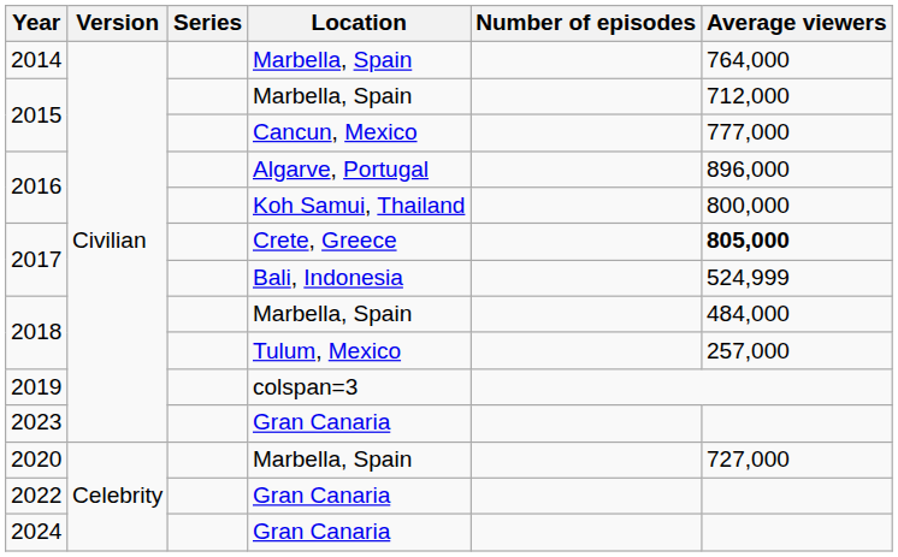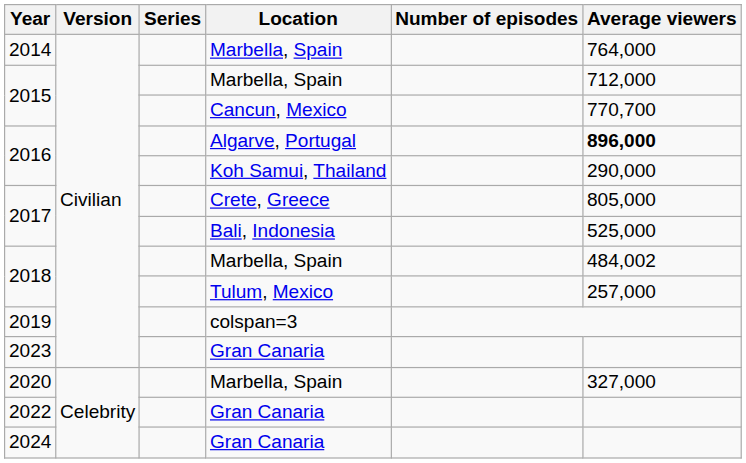 <table class="wikitable">
 <tr>
 <th>Year</th>
 <th>Version</th>
 <th>Series</th>
 <th>Location</th>
 <th>Number of episodes</th>
 <th>Average viewers</th>
 </tr>
 <tr>
 <td>2014</td>
 <td rowspan="11">Civilian</td>
 <td></td>
 <td><a href='#'>Marbella</a>, <a href='#'>Spain</a></td>
 <td></td>
 <td>764,000</td>
 </tr>
 <tr>
 <td rowspan="2">2015</td>
 <td></td>
 <td>Marbella, Spain</td>
 <td></td>
 <td>712,000</td>
 </tr>
 <tr>
 <td></td>
 <td><a href='#'>Cancun</a>, <a href='#'>Mexico</a></td>
 <td></td>
-<td>777,000</td>
+<td>770,700</td>
 </tr>
 <tr>
 <td rowspan="2">2016</td>
 <td></td>
 <td><a href='#'>Algarve</a>, <a href='#'>Portugal</a></td>
 <td></td>
-<td>896,000</td>
+<td><strong>896,000</strong></td>
 </tr>
 <tr>
 <td></td>
 <td><a href='#'>Koh Samui</a>, <a href='#'>Thailand</a></td>
 <td></td>
-<td>800,000</td>
+<td>290,000</td>
 </tr>
 <tr>
 <td rowspan="2">2017</td>
 <td></td>
 <td><a href='#'>Crete</a>, <a href='#'>Greece</a></td>
 <td></td>
-<td><strong>805,000</strong></td>
+<td>805,000</td>
 </tr>
 <tr>
 <td></td>
 <td><a href='#'>Bali</a>, <a href='#'>Indonesia</a></td>
 <td></td>
-<td>524,999</td>
+<td>525,000</td>
 </tr>
 <tr>
 <td rowspan="2">2018</td>
 <td></td>
 <td>Marbella, Spain</td>
 <td></td>
-<td>484,000</td>
+<td>484,002</td>
 </tr>
 <tr>
 <td></td>
 <td><a href='#'>Tulum</a>, <a href='#'>Mexico</a></td>
 <td></td>
 <td>257,000</td>
 </tr>
 <tr>
 <td>2019</td>
 <td></td>
 <td>colspan=3 </td>
 </tr>
 <tr>
 <td>2023</td>
 <td></td>
 <td><a href='#'>Gran Canaria</a></td>
 <td></td>
 <td></td>
 </tr>
 <tr>
 <td>2020</td>
 <td rowspan="3">Celebrity</td>
 <td></td>
 <td>Marbella, Spain</td>
 <td></td>
-<td>727,000</td>
+<td>327,000</td>
 </tr>
 <tr>
 <td>2022</td>
 <td></td>
 <td><a href='#'>Gran Canaria</a></td>
 <td></td>
 <td></td>
 </tr>
 <tr>
 <td>2024</td>
 <td></td>
 <td><a href='#'>Gran Canaria</a></td>
 <td></td>
 <td></td>
 </tr>
 </table>
